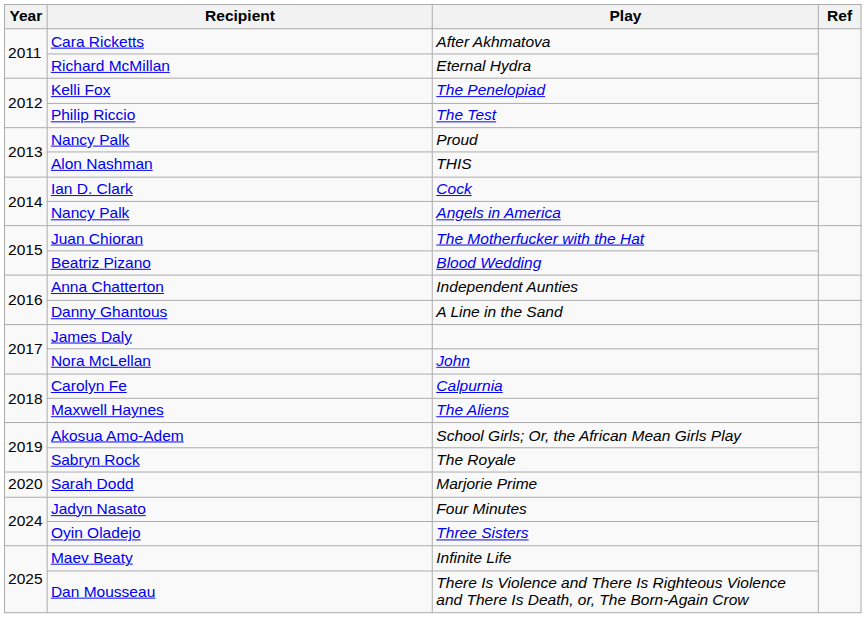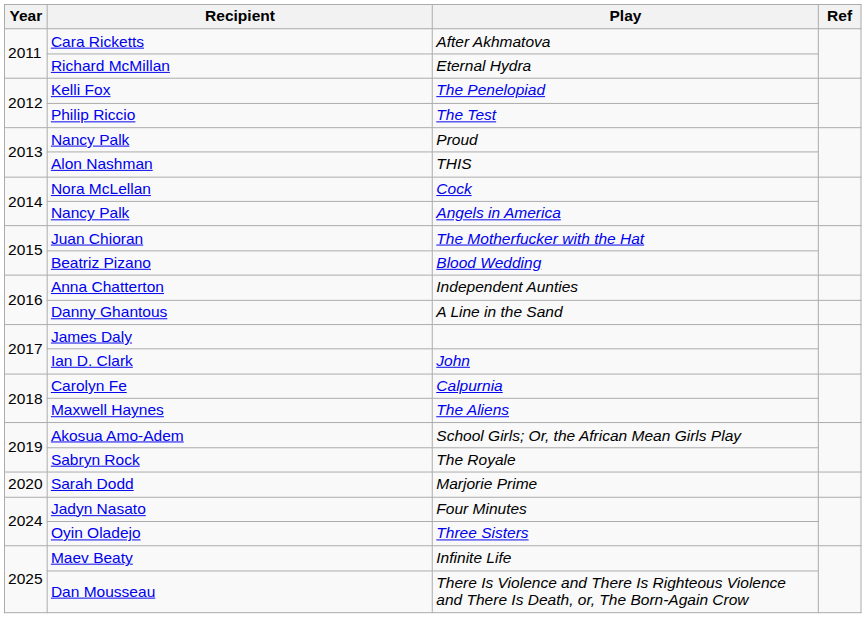 <table class = "wikitable sortable" width=100%>
 <tr>
 <th width=5%>Year</th>
 <th width=45%>Recipient</th>
 <th width=45%>Play</th>
 <th width=5%>Ref</th>
 </tr>
 <tr>
 <td rowspan=2>2011</td>
 <td><a href='#'>Cara Ricketts</a></td>
 <td><em>After Akhmatova</em></td>
 <td rowspan=2></td>
 </tr>
 <tr>
 <td><a href='#'>Richard McMillan</a></td>
 <td><em>Eternal Hydra</em></td>
 </tr>
 <tr>
 <td rowspan=2>2012</td>
 <td><a href='#'>Kelli Fox</a></td>
 <td><em><a href='#'>The Penelopiad</a></em></td>
 <td rowspan=2></td>
 </tr>
 <tr>
 <td><a href='#'>Philip Riccio</a></td>
 <td><em><a href='#'>The Test</a></em></td>
 </tr>
 <tr>
 <td rowspan=2>2013</td>
 <td><a href='#'>Nancy Palk</a></td>
 <td><em>Proud</em></td>
 <td rowspan=2></td>
 </tr>
 <tr>
 <td><a href='#'>Alon Nashman</a></td>
 <td><em>THIS</em></td>
 </tr>
 <tr>
 <td rowspan=2>2014</td>
-<td><a href='#'>Ian D. Clark</a></td>
+<td><a href='#'>Nora McLellan</a></td>
 <td><em><a href='#'>Cock</a></em></td>
 <td rowspan=2></td>
 </tr>
 <tr>
 <td><a href='#'>Nancy Palk</a></td>
 <td><em><a href='#'>Angels in America</a></em></td>
 </tr>
 <tr>
 <td rowspan=2>2015</td>
 <td><a href='#'>Juan Chioran</a></td>
 <td><em><a href='#'>The Motherfucker with the Hat</a></em></td>
 <td rowspan=2></td>
 </tr>
 <tr>
 <td><a href='#'>Beatriz Pizano</a></td>
 <td><em><a href='#'>Blood Wedding</a></em></td>
 </tr>
 <tr>
 <td rowspan=2>2016</td>
 <td><a href='#'>Anna Chatterton</a></td>
 <td><em>Independent Aunties</em></td>
 <td></td>
 </tr>
 <tr>
 <td><a href='#'>Danny Ghantous</a></td>
 <td><em>A Line in the Sand</em></td>
 </tr>
 <tr>
 <td rowspan=2>2017</td>
 <td><a href='#'>James Daly</a></td>
 <td></td>
 <td rowspan=2></td>
 </tr>
 <tr>
-<td><a href='#'>Nora McLellan</a></td>
+<td><a href='#'>Ian D. Clark</a></td>
 <td><em><a href='#'>John</a></em></td>
 </tr>
 <tr>
 <td rowspan=2>2018</td>
 <td><a href='#'>Carolyn Fe</a></td>
 <td><em><a href='#'>Calpurnia</a></em></td>
 <td rowspan=2></td>
 </tr>
 <tr>
 <td><a href='#'>Maxwell Haynes</a></td>
 <td><em><a href='#'>The Aliens</a></em></td>
 </tr>
 <tr>
 <td rowspan=2>2019</td>
 <td><a href='#'>Akosua Amo-Adem</a></td>
 <td><em>School Girls; Or, the African Mean Girls Play</em></td>
 <td rowspan=2></td>
 </tr>
 <tr>
 <td><a href='#'>Sabryn Rock</a></td>
 <td><em>The Royale</em></td>
 </tr>
 <tr>
 <td>2020</td>
 <td><a href='#'>Sarah Dodd</a></td>
 <td><em>Marjorie Prime</em></td>
 <td></td>
 </tr>
 <tr>
 <td rowspan=2>2024</td>
 <td><a href='#'>Jadyn Nasato</a></td>
 <td><em>Four Minutes</em></td>
 <td rowspan=2></td>
 </tr>
 <tr>
 <td><a href='#'>Oyin Oladejo</a></td>
 <td><em><a href='#'>Three Sisters</a></em></td>
 </tr>
 <tr>
 <td rowspan=2>2025</td>
 <td><a href='#'>Maev Beaty</a></td>
 <td><em>Infinite Life</em></td>
 <td rowspan=2></td>
 </tr>
 <tr>
 <td><a href='#'>Dan Mousseau</a></td>
 <td><em>There Is Violence and There Is Righteous Violence and There Is Death, or, The Born-Again Crow</em></td>
 </tr>
 </table>
